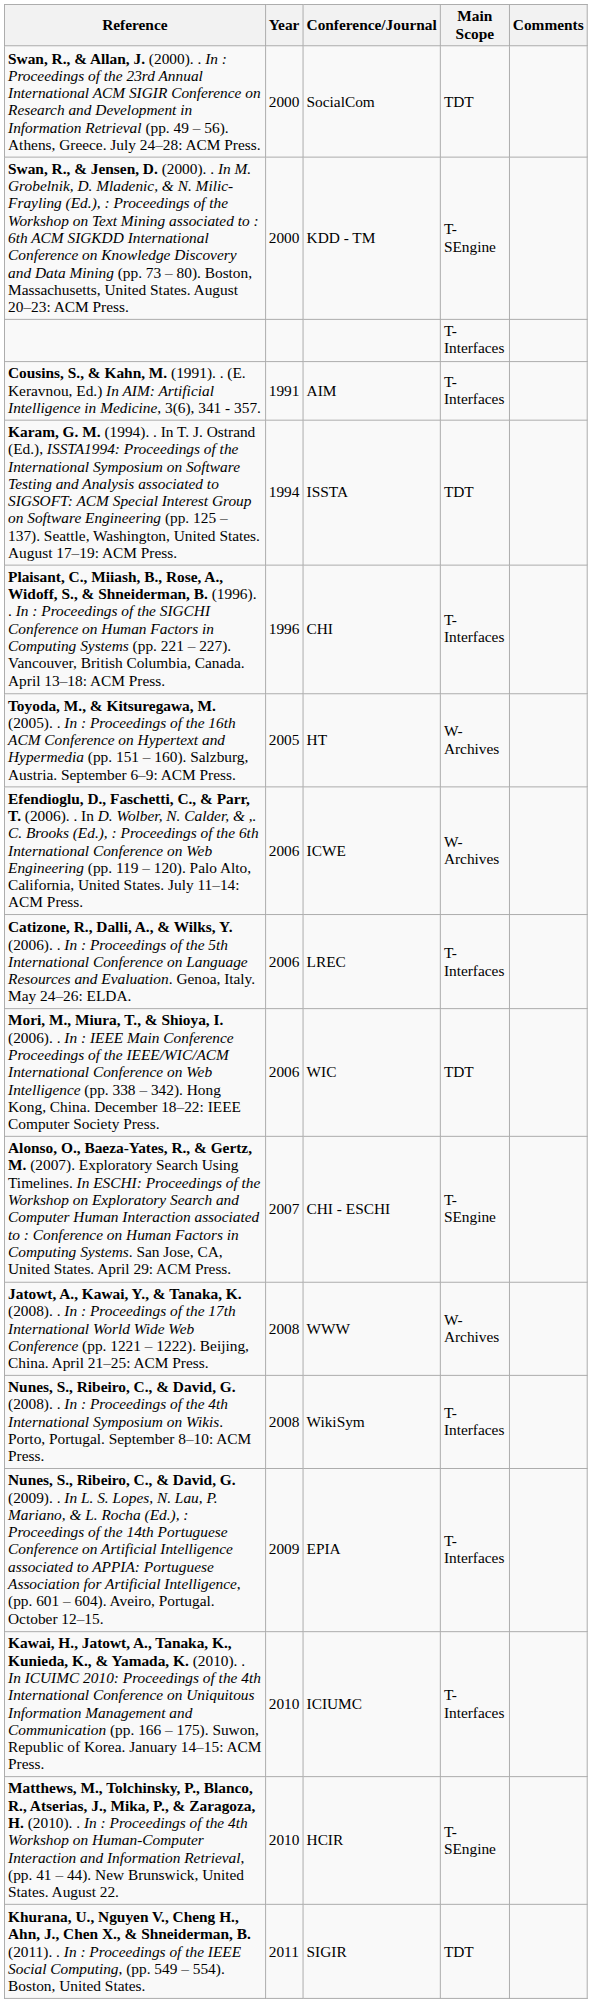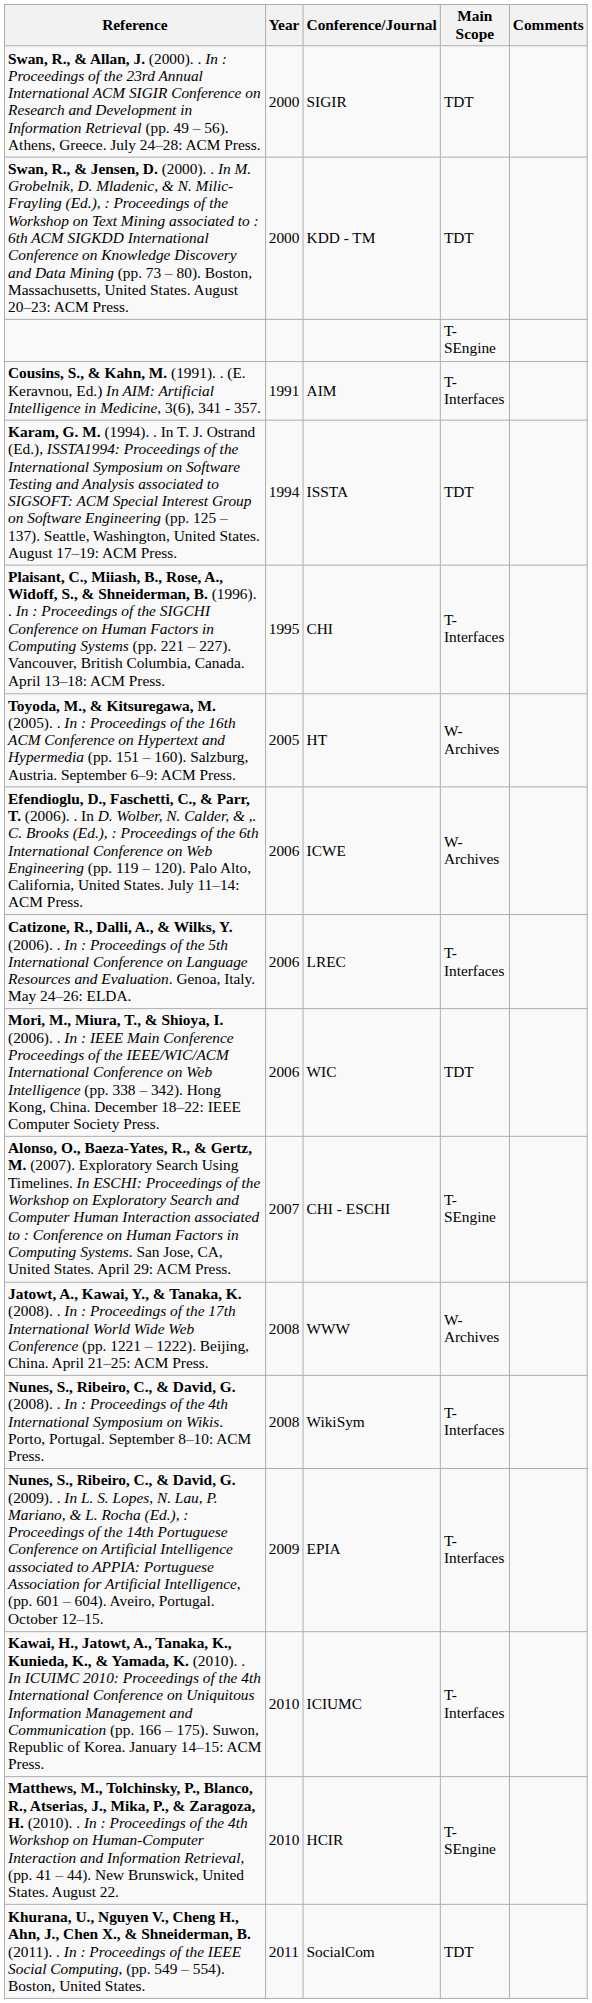 <table class="wikitable sortable">
 <tr>
 <th>Reference</th>
 <th>Year</th>
 <th>Conference/Journal</th>
 <th>Main Scope</th>
 <th>Comments</th>
 </tr>
 <tr>
 <td><strong>Swan, R., & Allan, J.</strong> (2000). . <em>In : Proceedings of the 23rd Annual International ACM SIGIR Conference on Research and Development in Information Retrieval</em> (pp. 49 – 56). Athens, Greece. July 24–28: ACM Press.</td>
 <td>2000</td>
-<td>SocialCom</td>
+<td>SIGIR</td>
 <td>TDT</td>
 <td></td>
 </tr>
 <tr>
 <td><strong>Swan, R., & Jensen, D.</strong> (2000). . <em>In M. Grobelnik, D. Mladenic, & N. Milic-Frayling (Ed.), : Proceedings of the Workshop on Text Mining associated to : 6th ACM SIGKDD International Conference on Knowledge Discovery and Data Mining</em> (pp. 73 – 80). Boston, Massachusetts, United States. August 20–23: ACM Press.</td>
 <td>2000</td>
 <td>KDD - TM</td>
-<td>T-SEngine</td>
+<td>TDT</td>
 <td></td>
 </tr>
 <tr>
 <td></td>
 <td></td>
 <td></td>
-<td>T-Interfaces</td>
+<td>T-SEngine</td>
 <td></td>
 </tr>
 <tr>
 <td><strong>Cousins, S., & Kahn, M.</strong> (1991). . (E. Keravnou, Ed.) <em>In AIM: Artificial Intelligence in Medicine</em>, 3(6), 341 - 357.</td>
 <td>1991</td>
 <td>AIM</td>
 <td>T-Interfaces</td>
 <td></td>
 </tr>
 <tr>
 <td><strong>Karam, G. M.</strong> (1994). . In T. J. Ostrand (Ed.), <em>ISSTA1994: Proceedings of the International Symposium on Software Testing and Analysis associated to SIGSOFT: ACM Special Interest Group on Software Engineering</em> (pp. 125 – 137). Seattle, Washington, United States. August 17–19: ACM Press.</td>
 <td>1994</td>
 <td>ISSTA</td>
 <td>TDT</td>
 <td></td>
 </tr>
 <tr>
 <td><strong>Plaisant, C., Miiash, B., Rose, A., Widoff, S., & Shneiderman, B.</strong> (1996). . <em>In : Proceedings of the SIGCHI Conference on Human Factors in Computing Systems</em> (pp. 221 – 227). Vancouver, British Columbia, Canada. April 13–18: ACM Press.</td>
-<td>1996</td>
+<td>1995</td>
 <td>CHI</td>
 <td>T-Interfaces</td>
 <td></td>
 </tr>
 <tr>
 <td><strong>Toyoda, M., & Kitsuregawa, M.</strong> (2005). . <em>In : Proceedings of the 16th ACM Conference on Hypertext and Hypermedia</em> (pp. 151 – 160). Salzburg, Austria. September 6–9: ACM Press.</td>
 <td>2005</td>
 <td>HT</td>
 <td>W-Archives</td>
 <td></td>
 </tr>
 <tr>
 <td><strong>Efendioglu, D., Faschetti, C., & Parr, T.</strong> (2006). . In <em>D. Wolber, N. Calder, & ,. C. Brooks (Ed.), : Proceedings of the 6th International Conference on Web Engineering</em> (pp. 119 – 120). Palo Alto, California, United States. July 11–14: ACM Press.</td>
 <td>2006</td>
 <td>ICWE</td>
 <td>W-Archives</td>
 <td></td>
 </tr>
 <tr>
 <td><strong>Catizone, R., Dalli, A., & Wilks, Y.</strong> (2006). . <em>In : Proceedings of the 5th International Conference on Language Resources and Evaluation</em>. Genoa, Italy. May 24–26: ELDA.</td>
 <td>2006</td>
 <td>LREC</td>
 <td>T-Interfaces</td>
 <td></td>
 </tr>
 <tr>
 <td><strong>Mori, M., Miura, T., & Shioya, I.</strong> (2006). . <em>In : IEEE Main Conference Proceedings of the IEEE/WIC/ACM International Conference on Web Intelligence</em> (pp. 338 – 342). Hong Kong, China. December 18–22: IEEE Computer Society Press.</td>
 <td>2006</td>
 <td>WIC</td>
 <td>TDT</td>
 <td></td>
 </tr>
 <tr>
 <td><strong>Alonso, O., Baeza-Yates, R., & Gertz, M.</strong> (2007). Exploratory Search Using Timelines. <em>In ESCHI: Proceedings of the Workshop on Exploratory Search and Computer Human Interaction associated to :  Conference on Human Factors in Computing Systems</em>. San Jose, CA, United States. April 29: ACM Press.</td>
 <td>2007</td>
 <td>CHI - ESCHI</td>
 <td>T-SEngine</td>
 <td></td>
 </tr>
 <tr>
 <td><strong>Jatowt, A., Kawai, Y., & Tanaka, K.</strong> (2008). . <em>In : Proceedings of the 17th International World Wide Web Conference</em> (pp. 1221 – 1222). Beijing, China. April 21–25: ACM Press.</td>
 <td>2008</td>
 <td>WWW</td>
 <td>W-Archives</td>
 <td></td>
 </tr>
 <tr>
 <td><strong>Nunes, S., Ribeiro, C., & David, G.</strong> (2008). . <em>In : Proceedings of the 4th International Symposium on Wikis</em>. Porto, Portugal. September 8–10: ACM Press.</td>
 <td>2008</td>
 <td>WikiSym</td>
 <td>T-Interfaces</td>
 <td></td>
 </tr>
 <tr>
 <td><strong>Nunes, S., Ribeiro, C., & David, G.</strong> (2009). . <em>In L. S. Lopes, N. Lau, P. Mariano, & L. Rocha (Ed.), : Proceedings of the 14th Portuguese Conference on Artificial Intelligence associated to APPIA: Portuguese Association for Artificial Intelligence</em>, (pp. 601 – 604). Aveiro, Portugal. October 12–15.</td>
 <td>2009</td>
 <td>EPIA</td>
 <td>T-Interfaces</td>
 <td></td>
 </tr>
 <tr>
 <td><strong>Kawai, H., Jatowt, A., Tanaka, K., Kunieda, K., & Yamada, K.</strong> (2010). . <em>In ICUIMC 2010: Proceedings of the 4th International Conference on Uniquitous Information Management and Communication</em> (pp. 166 – 175). Suwon, Republic of Korea. January 14–15: ACM Press.</td>
 <td>2010</td>
 <td>ICIUMC</td>
 <td>T-Interfaces</td>
 <td></td>
 </tr>
 <tr>
 <td><strong>Matthews, M., Tolchinsky, P., Blanco, R., Atserias, J., Mika, P., & Zaragoza, H.</strong> (2010). . <em>In : Proceedings of the 4th Workshop on Human-Computer Interaction and Information Retrieval</em>, (pp. 41 – 44). New Brunswick, United States. August 22.</td>
 <td>2010</td>
 <td>HCIR</td>
 <td>T-SEngine</td>
 <td></td>
 </tr>
 <tr>
 <td><strong>Khurana, U., Nguyen V., Cheng H., Ahn, J., Chen X., & Shneiderman, B.</strong> (2011). . <em>In : Proceedings of the IEEE Social Computing</em>, (pp. 549 – 554). Boston, United States.</td>
 <td>2011</td>
-<td>SIGIR</td>
+<td>SocialCom</td>
 <td>TDT</td>
 <td></td>
 </tr>
 </table>
